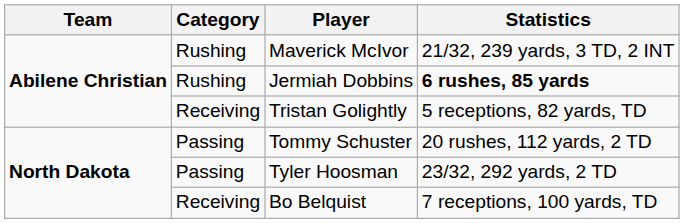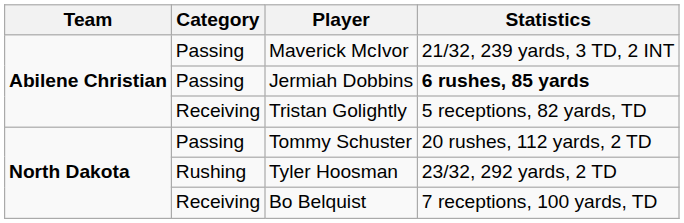 <table class="wikitable" style="float: left;">
 <tr>
 <th>Team</th>
 <th>Category</th>
 <th>Player</th>
 <th>Statistics</th>
 </tr>
 <tr>
 <td rowspan=3><strong>Abilene Christian</strong></td>
-<td>Rushing</td>
+<td>Passing</td>
 <td>Maverick McIvor</td>
 <td>21/32, 239 yards, 3 TD, 2 INT</td>
 </tr>
 <tr>
-<td>Rushing</td>
+<td>Passing</td>
 <td>Jermiah Dobbins</td>
 <td><strong>6 rushes, 85 yards</strong></td>
 </tr>
 <tr>
 <td>Receiving</td>
 <td>Tristan Golightly</td>
 <td>5 receptions, 82 yards, TD</td>
 </tr>
 <tr>
 <td rowspan=3><strong>North Dakota</strong></td>
 <td>Passing</td>
 <td>Tommy Schuster</td>
 <td>20 rushes, 112 yards, 2 TD</td>
 </tr>
 <tr>
-<td>Passing</td>
+<td>Rushing</td>
 <td>Tyler Hoosman</td>
 <td>23/32, 292 yards, 2 TD</td>
 </tr>
 <tr>
 <td>Receiving</td>
 <td>Bo Belquist</td>
 <td>7 receptions, 100 yards, TD</td>
 </tr>
 </table>
